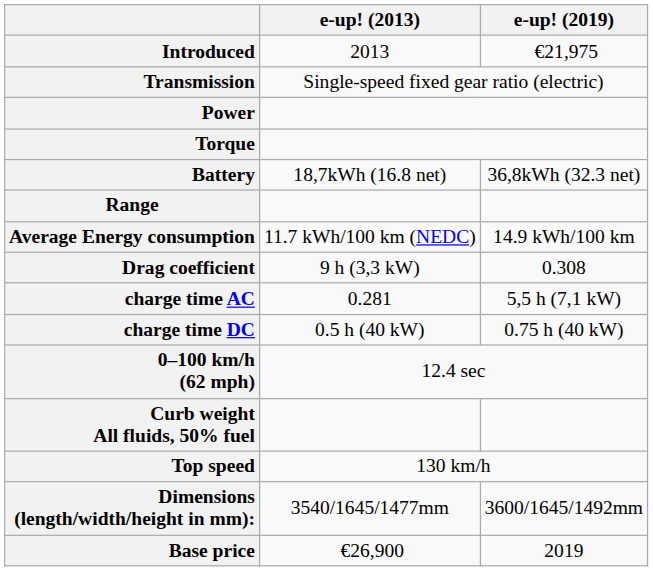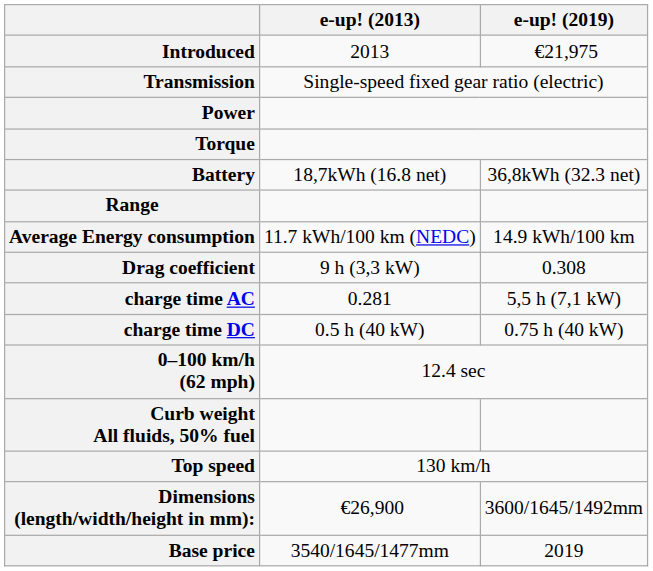 <table class="wikitable">
 <tr>
 <th></th>
 <th>e-up! (2013)</th>
 <th>e-up! (2019)</th>
 </tr>
 <tr>
 <th style="text-align:Right;">Introduced</th>
 <td style="text-align:center;">2013</td>
 <td style="text-align:center;"> €21,975</td>
 </tr>
 <tr>
 <th style="text-align:Right;">Transmission</th>
 <td colspan="5" style="text-align:center;">Single-speed fixed gear ratio (electric)</td>
 </tr>
 <tr>
 <th style="text-align:Right;">Power</th>
 <td colspan="2" style="text-align:center;"></td>
 </tr>
 <tr>
 <th style="text-align:Right;">Torque</th>
 <td colspan="2" style="text-align:center;"></td>
 </tr>
 <tr>
 <th style="text-align:Right;">Battery</th>
 <td style="text-align:center;">18,7kWh (16.8 net)</td>
 <td style="text-align:center;">36,8kWh (32.3 net)</td>
 </tr>
 <tr>
 <th>Range</th>
 <td style="text-align:center;"></td>
 <td style="text-align:center;"></td>
 </tr>
 <tr>
 <th style="text-align:Right;">Average Energy consumption</th>
 <td style="text-align:center;">11.7 kWh/100 km (<a href='#'>NEDC</a>)</td>
 <td style="text-align:center;">14.9 kWh/100 km</td>
 </tr>
 <tr>
 <th style="text-align:Right;">Drag coefficient </th>
 <td style="text-align:center;">9 h (3,3 kW)</td>
 <td style="text-align:center;">0.308</td>
 </tr>
 <tr>
 <th style="text-align:Right;">charge time <a href='#'>AC</a></th>
 <td style="text-align:center;">0.281</td>
 <td style="text-align:center;">5,5 h (7,1 kW)</td>
 </tr>
 <tr>
 <th style="text-align:Right;">charge time <a href='#'>DC</a></th>
 <td style="text-align:center;">0.5 h (40 kW)</td>
 <td style="text-align:center;">0.75 h (40 kW)</td>
 </tr>
 <tr>
 <th style="text-align:Right;">0–100 km/h<br>(62 mph)</th>
 <td colspan="2" style="text-align:center;">12.4 sec</td>
 </tr>
 <tr>
 <th style="text-align:Right;">Curb weight<br>All fluids, 50% fuel</th>
 <td style="text-align:center;"></td>
 <td style="text-align:center;"></td>
 </tr>
 <tr>
 <th style="text-align:Right;">Top speed</th>
 <td colspan="2" style="text-align:center;">130 km/h</td>
 </tr>
 <tr>
 <th style="text-align:Right;">Dimensions<br> (length/width/height in mm):</th>
-<td style="text-align:center;">3540/1645/1477mm</td>
+<td style="text-align:center;"> €26,900</td>
 <td style="text-align:center;">3600/1645/1492mm</td>
 </tr>
 <tr>
 <th style="text-align:Right;">Base price</th>
-<td style="text-align:center;"> €26,900</td>
+<td style="text-align:center;">3540/1645/1477mm</td>
 <td style="text-align:center;">2019</td>
 </tr>
 </table>
